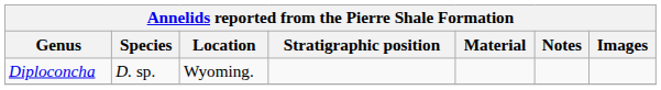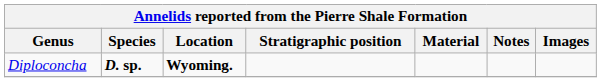 <table class="wikitable" align="center" width="100%">
 <tr>
 <th colspan="7" align="center"><strong><a href='#'>Annelids</a> reported from the Pierre Shale Formation</strong></th>
 </tr>
 <tr>
 <th>Genus</th>
 <th>Species</th>
 <th>Location</th>
 <th><strong>Stratigraphic position</strong></th>
 <th><strong>Material</strong></th>
 <th>Notes</th>
 <th>Images</th>
 </tr>
 <tr>
 <td><em><a href='#'>Diploconcha</a></em></td>
-<td><em>D.</em> sp.</td>
-<td>Wyoming.</td>
+<td><strong><em>D.</em> sp.</strong></td>
+<td><strong>Wyoming.</strong></td>
 <td></td>
 <td></td>
 <td></td>
 <td></td>
 </tr>
 <tr>
 </tr>
 </table>
